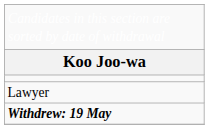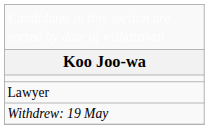 <table class="wikitable defaultcenter">
 <tr>
 <td style="font-size:120%; color:white; background:"><em><small>Candidates in this section are sorted by date of withdrawal</small></em></td>
 </tr>
 <tr>
 <th scope="col" style="width:11.8em; font-size:120%;">Koo Joo-wa</th>
 </tr>
 <tr>
 <td></td>
 </tr>
 <tr>
 <td>Lawyer</td>
 </tr>
 <tr>
-<td><strong><em>Withdrew: 19 May</em><br></strong></td>
+<td><em>Withdrew: 19 May</em><br></td>
 </tr>
 <tr>
 </tr>
 </table>
